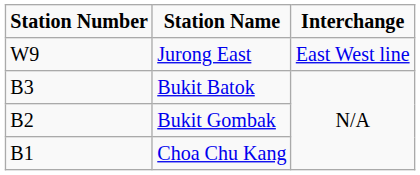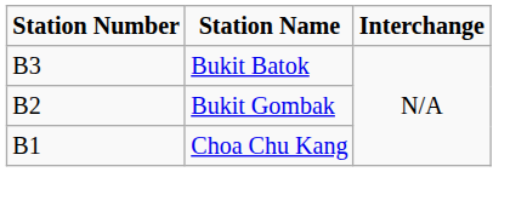 <table class="wikitable" style="margin-left: 1em; margin-bottom: 1em; color: black; border-collapse: collapse; font-size: 95%">
 <tr align="center">
 <td><strong>Station Number</strong></td>
 <td><strong>Station Name</strong></td>
 <td><strong>Interchange</strong></td>
-</tr>
-<tr>
-<td>W9</td>
-<td><a href='#'>Jurong East</a></td>
-<td><a href='#'>East West line</a></td>
 </tr>
 <tr>
 <td>B3</td>
 <td><a href='#'>Bukit Batok</a></td>
 <td rowspan=3 style="text-align:center;">N/A</td>
 </tr>
 <tr>
 <td>B2</td>
 <td><a href='#'>Bukit Gombak</a></td>
 </tr>
 <tr>
 <td>B1</td>
 <td><a href='#'>Choa Chu Kang</a></td>
 </tr>
 </table>
